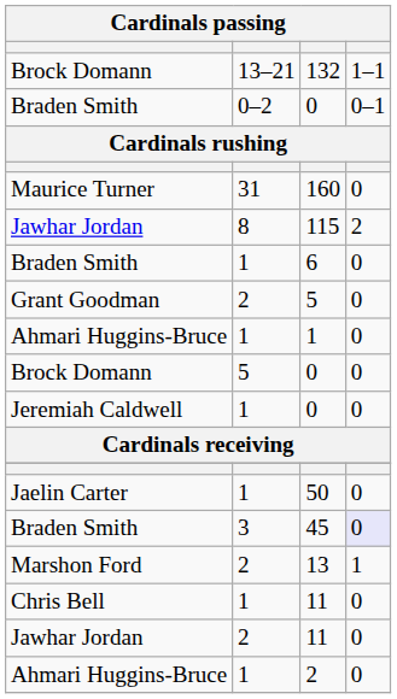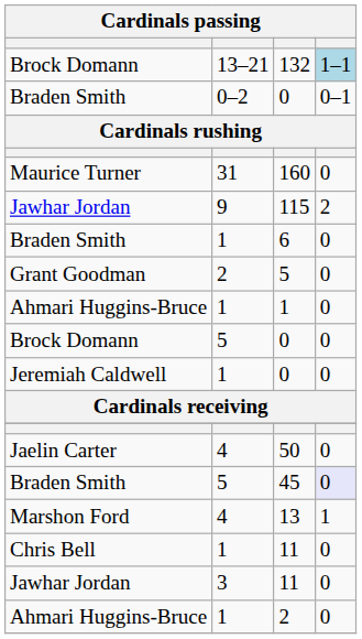 <table class="wikitable plainrowheaders">
 <tr>
 <th colspan="6">Cardinals passing</th>
 </tr>
 <tr>
 <th scope="col"></th>
 <th scope="col"></th>
 <th scope="col"></th>
 <th scope="col"></th>
 </tr>
 <tr>
 <td>Brock Domann</td>
 <td>13–21</td>
 <td>132</td>
-<td>1–1</td>
+<td style="background: lightblue;">1–1</td>
 </tr>
 <tr>
 <td>Braden Smith</td>
 <td>0–2</td>
 <td>0</td>
 <td>0–1</td>
 </tr>
 <tr>
 <th colspan="6">Cardinals rushing</th>
 </tr>
 <tr>
 <th scope="col"></th>
 <th scope="col"></th>
 <th scope="col"></th>
 <th scope="col"></th>
 </tr>
 <tr>
 <td>Maurice Turner</td>
 <td>31</td>
 <td>160</td>
 <td>0</td>
 </tr>
 <tr>
 <td><a href='#'>Jawhar Jordan</a></td>
-<td>8</td>
+<td>9</td>
 <td>115</td>
 <td>2</td>
 </tr>
 <tr>
 <td>Braden Smith</td>
 <td>1</td>
 <td>6</td>
 <td>0</td>
 </tr>
 <tr>
 <td>Grant Goodman</td>
 <td>2</td>
 <td>5</td>
 <td>0</td>
 </tr>
 <tr>
 <td>Ahmari Huggins-Bruce</td>
 <td>1</td>
 <td>1</td>
 <td>0</td>
 </tr>
 <tr>
 <td>Brock Domann</td>
 <td>5</td>
 <td>0</td>
 <td>0</td>
 </tr>
 <tr>
 <td>Jeremiah Caldwell</td>
 <td>1</td>
 <td>0</td>
 <td>0</td>
 </tr>
 <tr>
 <th colspan="6">Cardinals receiving</th>
 </tr>
 <tr>
 </tr>
 <tr>
 <th scope="col"></th>
 <th scope="col"></th>
 <th scope="col"></th>
 <th scope="col"></th>
 </tr>
 <tr>
 <td>Jaelin Carter</td>
-<td>1</td>
+<td>4</td>
 <td>50</td>
 <td>0</td>
 </tr>
 <tr>
 <td>Braden Smith</td>
-<td>3</td>
+<td>5</td>
 <td>45</td>
 <td style="background: lavender;">0</td>
 </tr>
 <tr>
 <td>Marshon Ford</td>
-<td>2</td>
+<td>4</td>
 <td>13</td>
 <td>1</td>
 </tr>
 <tr>
 <td>Chris Bell</td>
 <td>1</td>
 <td>11</td>
 <td>0</td>
 </tr>
 <tr>
 <td>Jawhar Jordan</td>
-<td>2</td>
+<td>3</td>
 <td>11</td>
 <td>0</td>
 </tr>
 <tr>
 <td>Ahmari Huggins-Bruce</td>
 <td>1</td>
 <td>2</td>
 <td>0</td>
 </tr>
 <tr>
 </tr>
 </table>
